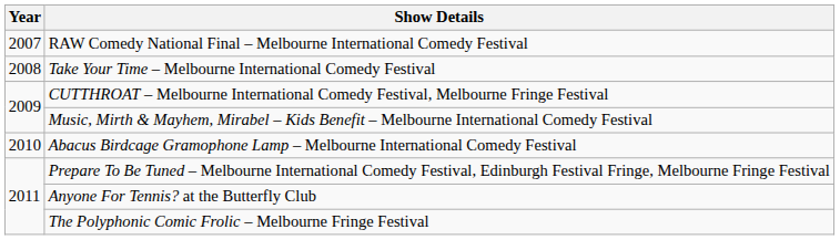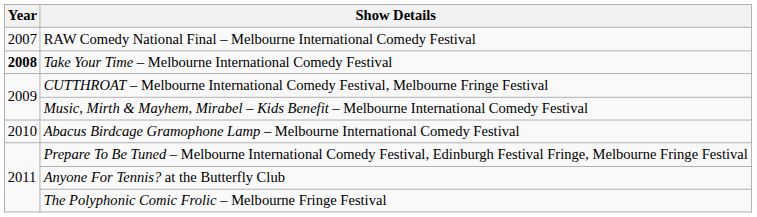 <table class="wikitable">
 <tr>
 <th>Year</th>
 <th>Show Details</th>
 </tr>
 <tr>
 <td>2007</td>
 <td>RAW Comedy National Final – Melbourne International Comedy Festival</td>
 </tr>
 <tr>
-<td>2008</td>
+<td><strong>2008</strong></td>
 <td><em>Take Your Time</em> – Melbourne International Comedy Festival</td>
 </tr>
 <tr>
 <td rowspan="2">2009</td>
 <td><em>CUTTHROAT</em> – Melbourne International Comedy Festival, Melbourne Fringe Festival</td>
 </tr>
 <tr>
 <td><em>Music, Mirth & Mayhem, Mirabel – Kids Benefit</em> – Melbourne International Comedy Festival</td>
 </tr>
 <tr>
 <td>2010</td>
 <td><em>Abacus Birdcage Gramophone Lamp</em> – Melbourne International Comedy Festival</td>
 </tr>
 <tr>
 <td rowspan="3">2011</td>
 <td><em>Prepare To Be Tuned</em> – Melbourne International Comedy Festival, Edinburgh Festival Fringe, Melbourne Fringe Festival</td>
 </tr>
 <tr>
 <td><em>Anyone For Tennis?</em> at the Butterfly Club</td>
 </tr>
 <tr>
 <td><em>The Polyphonic Comic Frolic</em> – Melbourne Fringe Festival</td>
 </tr>
 </table>
